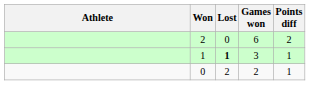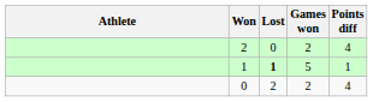 <table class="wikitable">
 <tr>
 <th style="width:18em">Athlete</th>
 <th>Won</th>
 <th>Lost</th>
 <th>Games<br>won</th>
 <th>Points<br>diff</th>
 </tr>
 <tr bgcolor="#ccffcc">
 <td></td>
 <td align="center">2</td>
 <td align="center">0</td>
-<td align="center">6</td>
 <td align="center">2</td>
+<td align="center">4</td>
 </tr>
 <tr bgcolor="#ccffcc">
 <td></td>
 <td align="center">1</td>
 <td align="center"><strong>1</strong></td>
-<td align="center">3</td>
+<td align="center">5</td>
 <td align="center">1</td>
 </tr>
 <tr>
 <td></td>
 <td align="center">0</td>
 <td align="center">2</td>
 <td align="center">2</td>
-<td align="center">1</td>
+<td align="center">4</td>
 </tr>
 </table>
